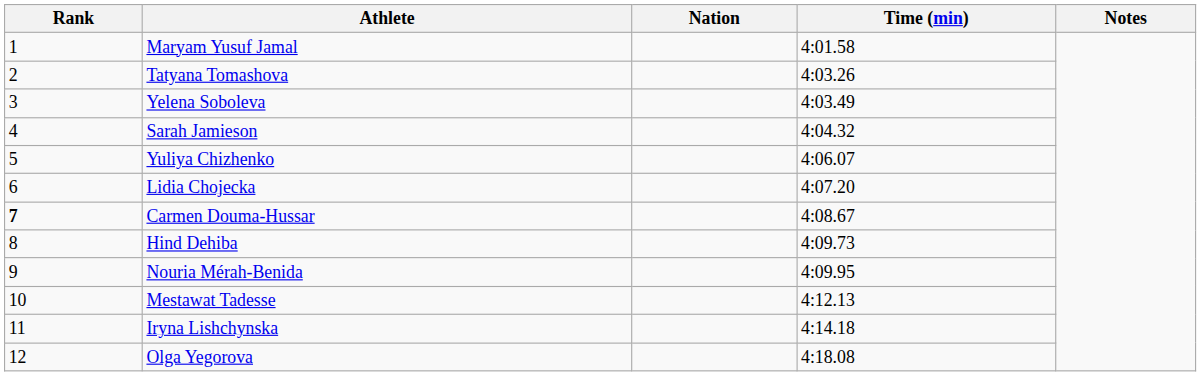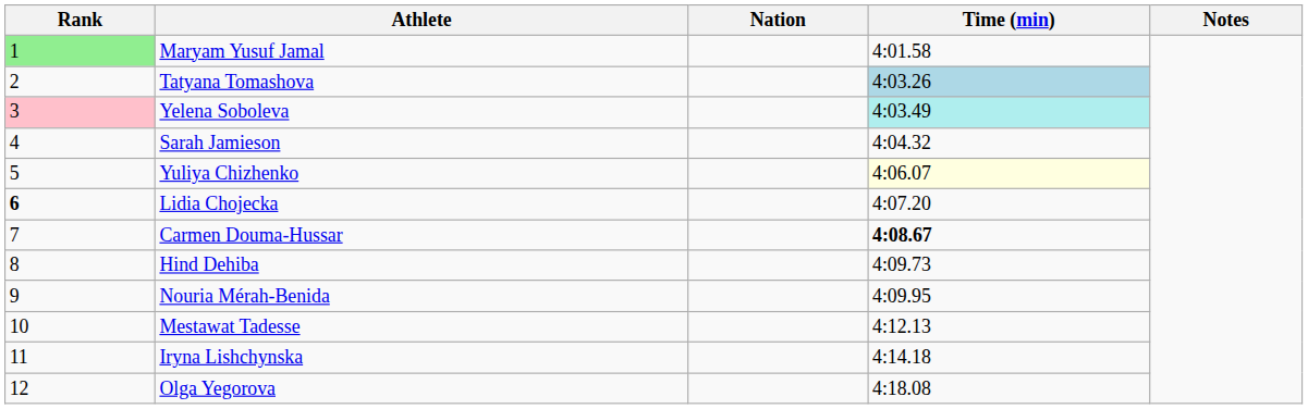 <table class="wikitable" style="text=align:center;" width=85%>
 <tr>
 <th>Rank</th>
 <th>Athlete</th>
 <th>Nation</th>
 <th>Time (<a href='#'>min</a>)</th>
 <th>Notes</th>
 </tr>
 <tr>
-<td>1</td>
+<td style="background: lightgreen;">1</td>
 <td><a href='#'>Maryam Yusuf Jamal</a></td>
 <td></td>
 <td>4:01.58</td>
 </tr>
 <tr>
 <td>2</td>
 <td><a href='#'>Tatyana Tomashova</a></td>
 <td></td>
-<td>4:03.26</td>
+<td style="background: lightblue;">4:03.26</td>
 </tr>
 <tr>
-<td>3</td>
+<td style="background: pink;">3</td>
 <td><a href='#'>Yelena Soboleva</a></td>
 <td></td>
-<td>4:03.49</td>
+<td style="background: paleturquoise;">4:03.49</td>
 </tr>
 <tr>
 <td>4</td>
 <td><a href='#'>Sarah Jamieson</a></td>
 <td></td>
 <td>4:04.32</td>
 </tr>
 <tr>
 <td>5</td>
 <td><a href='#'>Yuliya Chizhenko</a></td>
 <td></td>
-<td>4:06.07</td>
+<td style="background: lightyellow;">4:06.07</td>
 </tr>
 <tr>
-<td>6</td>
+<td><strong>6</strong></td>
 <td><a href='#'>Lidia Chojecka</a></td>
 <td></td>
 <td>4:07.20</td>
 </tr>
 <tr>
-<td><strong>7</strong></td>
+<td>7</td>
 <td><a href='#'>Carmen Douma-Hussar</a></td>
 <td></td>
-<td>4:08.67</td>
+<td><strong>4:08.67</strong></td>
 </tr>
 <tr>
 <td>8</td>
 <td><a href='#'>Hind Dehiba</a></td>
 <td></td>
 <td>4:09.73</td>
 </tr>
 <tr>
 <td>9</td>
 <td><a href='#'>Nouria Mérah-Benida</a></td>
 <td></td>
 <td>4:09.95</td>
 </tr>
 <tr>
 <td>10</td>
 <td><a href='#'>Mestawat Tadesse</a></td>
 <td></td>
 <td>4:12.13</td>
 </tr>
 <tr>
 <td>11</td>
 <td><a href='#'>Iryna Lishchynska</a></td>
 <td></td>
 <td>4:14.18</td>
 </tr>
 <tr>
 <td>12</td>
 <td><a href='#'>Olga Yegorova</a></td>
 <td></td>
 <td>4:18.08</td>
 </tr>
 </table>
